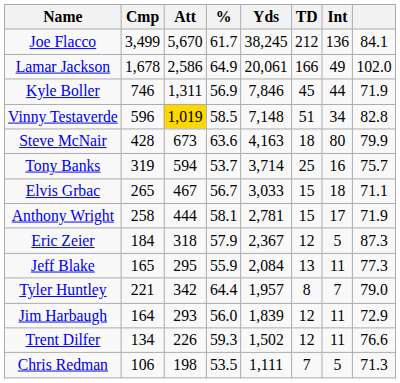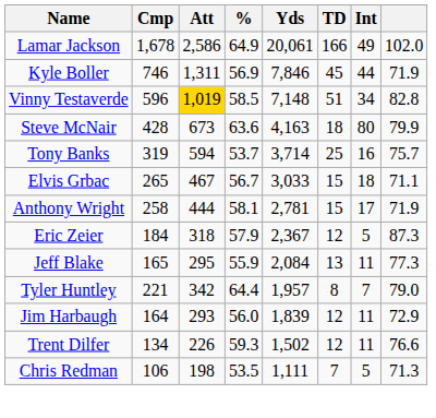 <table class="wikitable sortable" style="text-align:center">
 <tr>
 <th scope="col">Name</th>
 <th scope="col">Cmp</th>
 <th>Att</th>
 <th>%</th>
 <th>Yds</th>
 <th>TD</th>
 <th>Int</th>
 <th></th>
-</tr>
-<tr>
-<td><a href='#'>Joe Flacco</a></td>
-<td>3,499</td>
-<td>5,670</td>
-<td>61.7</td>
-<td>38,245</td>
-<td>212</td>
-<td>136</td>
-<td>84.1</td>
 </tr>
 <tr>
 <td><a href='#'>Lamar Jackson</a></td>
 <td>1,678</td>
 <td>2,586</td>
 <td>64.9</td>
 <td>20,061</td>
 <td>166</td>
 <td>49</td>
 <td>102.0</td>
 </tr>
 <tr>
 <td><a href='#'>Kyle Boller</a></td>
 <td>746</td>
 <td>1,311</td>
 <td>56.9</td>
 <td>7,846</td>
 <td>45</td>
 <td>44</td>
 <td>71.9</td>
 </tr>
 <tr>
 <td><a href='#'>Vinny Testaverde</a></td>
 <td>596</td>
 <td style="background: gold;">1,019</td>
 <td>58.5</td>
 <td>7,148</td>
 <td>51</td>
 <td>34</td>
 <td>82.8</td>
 </tr>
 <tr>
 <td><a href='#'>Steve McNair</a></td>
 <td>428</td>
 <td>673</td>
 <td>63.6</td>
 <td>4,163</td>
 <td>18</td>
 <td>80</td>
 <td>79.9</td>
 </tr>
 <tr>
 <td><a href='#'>Tony Banks</a></td>
 <td>319</td>
 <td>594</td>
 <td>53.7</td>
 <td>3,714</td>
 <td>25</td>
 <td>16</td>
 <td>75.7</td>
 </tr>
 <tr>
 <td><a href='#'>Elvis Grbac</a></td>
 <td>265</td>
 <td>467</td>
 <td>56.7</td>
 <td>3,033</td>
 <td>15</td>
 <td>18</td>
 <td>71.1</td>
 </tr>
 <tr>
 <td><a href='#'>Anthony Wright</a></td>
 <td>258</td>
 <td>444</td>
 <td>58.1</td>
 <td>2,781</td>
 <td>15</td>
 <td>17</td>
 <td>71.9</td>
 </tr>
 <tr>
 <td><a href='#'>Eric Zeier</a></td>
 <td>184</td>
 <td>318</td>
 <td>57.9</td>
 <td>2,367</td>
 <td>12</td>
 <td>5</td>
 <td>87.3</td>
 </tr>
 <tr>
 <td><a href='#'>Jeff Blake</a></td>
 <td>165</td>
 <td>295</td>
 <td>55.9</td>
 <td>2,084</td>
 <td>13</td>
 <td>11</td>
 <td>77.3</td>
 </tr>
 <tr>
 <td><a href='#'>Tyler Huntley</a></td>
 <td>221</td>
 <td>342</td>
 <td>64.4</td>
 <td>1,957</td>
 <td>8</td>
 <td>7</td>
 <td>79.0</td>
 </tr>
 <tr>
 <td><a href='#'>Jim Harbaugh</a></td>
 <td>164</td>
 <td>293</td>
 <td>56.0</td>
 <td>1,839</td>
 <td>12</td>
 <td>11</td>
 <td>72.9</td>
 </tr>
 <tr>
 <td><a href='#'>Trent Dilfer</a></td>
 <td>134</td>
 <td>226</td>
 <td>59.3</td>
 <td>1,502</td>
 <td>12</td>
 <td>11</td>
 <td>76.6</td>
 </tr>
 <tr>
 <td><a href='#'>Chris Redman</a></td>
 <td>106</td>
 <td>198</td>
 <td>53.5</td>
 <td>1,111</td>
 <td>7</td>
 <td>5</td>
 <td>71.3</td>
 </tr>
 </table>
